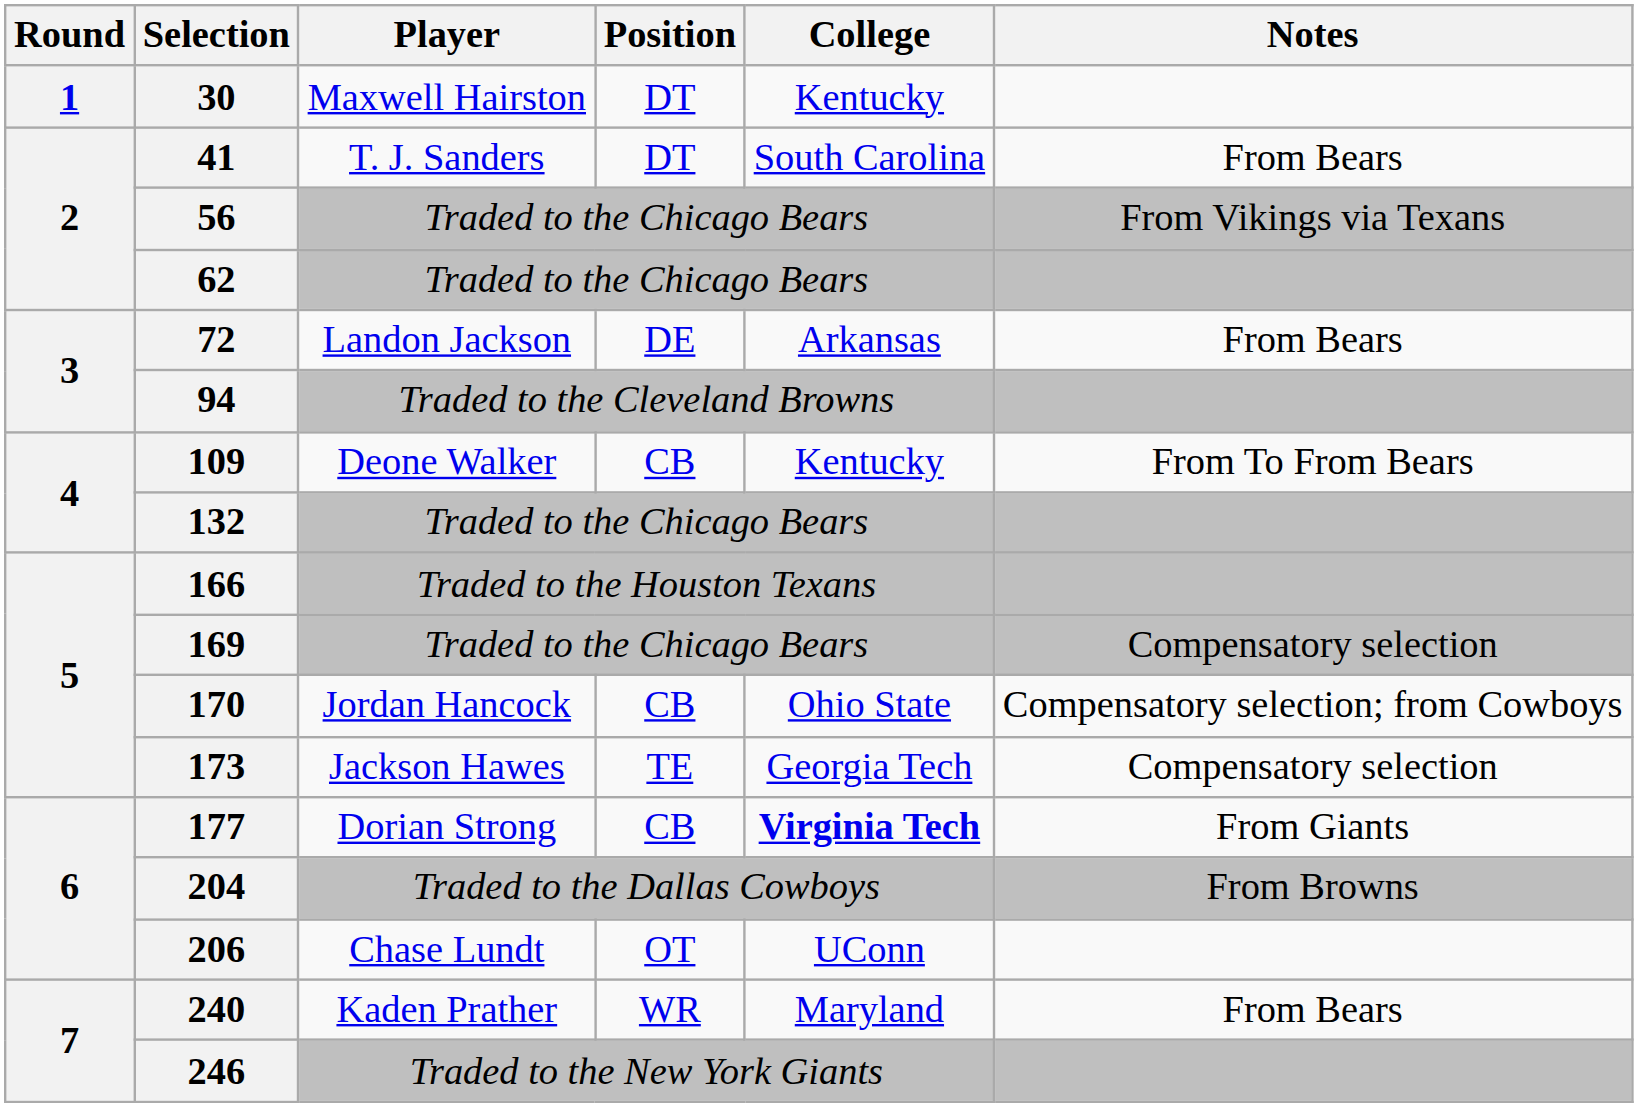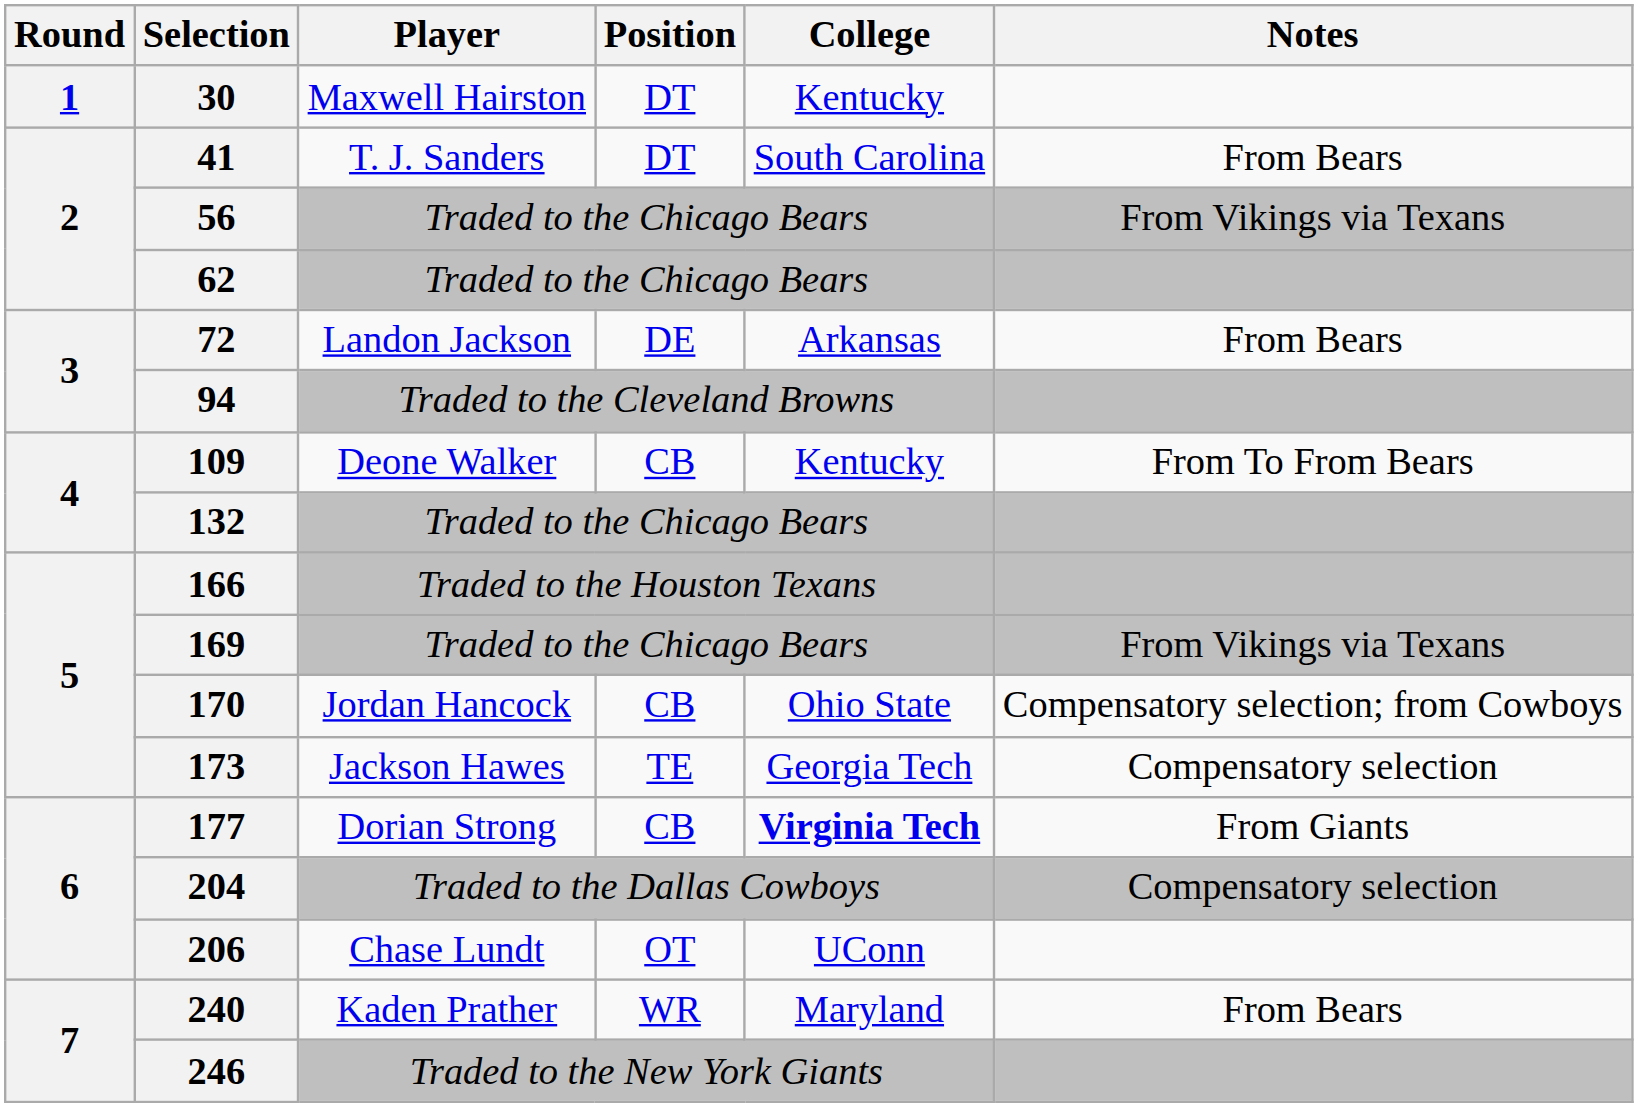 <table class="wikitable" style="text-align:center">
 <tr>
 <th>Round</th>
 <th>Selection</th>
 <th>Player</th>
 <th>Position</th>
 <th>College</th>
 <th>Notes</th>
 </tr>
 <tr>
 <th><a href='#'>1</a></th>
 <th>30</th>
 <td><a href='#'>Maxwell Hairston</a></td>
 <td><a href='#'>DT</a></td>
 <td><a href='#'>Kentucky</a></td>
 <td></td>
 </tr>
 <tr>
 <th rowspan="3">2</th>
 <th>41</th>
 <td><a href='#'>T. J. Sanders</a></td>
 <td><a href='#'>DT</a></td>
 <td><a href='#'>South Carolina</a></td>
 <td>From Bears</td>
 </tr>
 <tr>
 <th>56</th>
 <td colspan="3" style="background:#BFBFBF"><em>Traded to the Chicago Bears</em></td>
 <td style="background:#BFBFBF">From Vikings via Texans</td>
 </tr>
 <tr>
 <th>62</th>
 <td colspan="3" style="background:#BFBFBF"><em>Traded to the Chicago Bears</em></td>
 <td style="background:#BFBFBF"></td>
 </tr>
 <tr>
 <th rowspan="2">3</th>
 <th>72</th>
 <td><a href='#'>Landon Jackson</a></td>
 <td><a href='#'>DE</a></td>
 <td><a href='#'>Arkansas</a></td>
 <td>From Bears</td>
 </tr>
 <tr>
 <th>94</th>
 <td colspan="3" style="background:#BFBFBF"><em>Traded to the Cleveland Browns</em></td>
 <td style="background:#BFBFBF"></td>
 </tr>
 <tr>
 <th rowspan="2">4</th>
 <th>109</th>
 <td><a href='#'>Deone Walker</a></td>
 <td><a href='#'>CB</a></td>
 <td><a href='#'>Kentucky</a></td>
 <td>From To From Bears</td>
 </tr>
 <tr>
 <th>132</th>
 <td colspan="3" style="background:#BFBFBF"><em>Traded to the Chicago Bears</em></td>
 <td style="background:#BFBFBF"></td>
 </tr>
 <tr>
 <th rowspan="4">5</th>
 <th>166</th>
 <td colspan="3" style="background:#BFBFBF"><em>Traded to the Houston Texans</em></td>
 <td style="background:#BFBFBF"></td>
 </tr>
 <tr>
 <th>169</th>
 <td colspan="3" style="background:#BFBFBF"><em>Traded to the Chicago Bears</em></td>
-<td style="background:#BFBFBF">Compensatory selection</td>
+<td style="background:#BFBFBF">From Vikings via Texans</td>
 </tr>
 <tr>
 <th>170</th>
 <td><a href='#'>Jordan Hancock</a></td>
 <td><a href='#'>CB</a></td>
 <td><a href='#'>Ohio State</a></td>
 <td>Compensatory selection; from Cowboys</td>
 </tr>
 <tr>
 <th>173</th>
 <td><a href='#'>Jackson Hawes</a></td>
 <td><a href='#'>TE</a></td>
 <td><a href='#'>Georgia Tech</a></td>
 <td>Compensatory selection</td>
 </tr>
 <tr>
 <th rowspan="3">6</th>
 <th>177</th>
 <td><a href='#'>Dorian Strong</a></td>
 <td><a href='#'>CB</a></td>
 <td><strong><a href='#'>Virginia Tech</a></strong></td>
 <td>From Giants</td>
 </tr>
 <tr>
 <th>204</th>
 <td colspan="3" style="background:#BFBFBF"><em>Traded to the Dallas Cowboys</em></td>
-<td style="background:#BFBFBF">From Browns</td>
+<td style="background:#BFBFBF">Compensatory selection</td>
 </tr>
 <tr>
 <th>206</th>
 <td><a href='#'>Chase Lundt</a></td>
 <td><a href='#'>OT</a></td>
 <td><a href='#'>UConn</a></td>
 <td></td>
 </tr>
 <tr>
 <th rowspan="2">7</th>
 <th>240</th>
 <td><a href='#'>Kaden Prather</a></td>
 <td><a href='#'>WR</a></td>
 <td><a href='#'>Maryland</a></td>
 <td>From Bears</td>
 </tr>
 <tr>
 <th>246</th>
 <td colspan="3" style="background:#BFBFBF"><em>Traded to the New York Giants</em></td>
 <td style="background:#BFBFBF"></td>
 </tr>
 </table>
